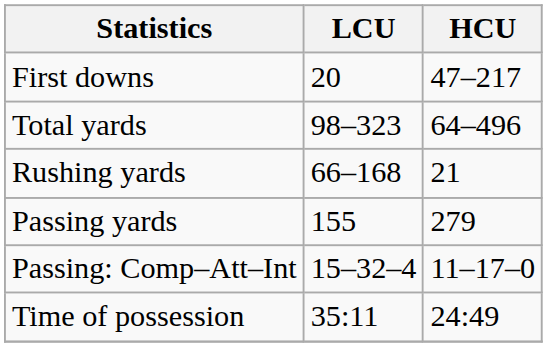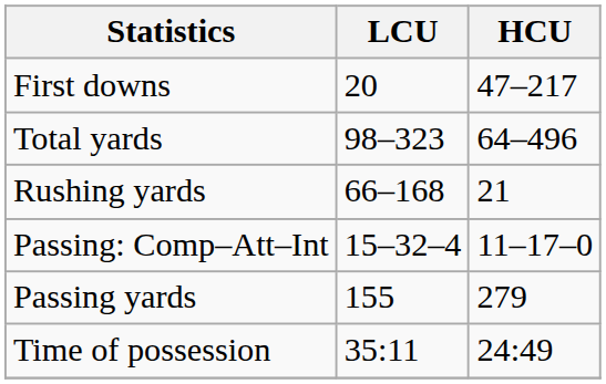 <table class="wikitable" style="float: left;">
 <tr>
 <th>Statistics</th>
 <th>LCU</th>
 <th>HCU</th>
 </tr>
 <tr>
 <td>First downs</td>
 <td>20</td>
 <td>47–217</td>
 </tr>
 <tr>
 <td>Total yards</td>
 <td>98–323</td>
 <td>64–496</td>
 </tr>
 <tr>
 <td>Rushing yards</td>
 <td>66–168</td>
 <td>21</td>
 </tr>
 <tr>
+<td>Passing: Comp–Att–Int</td>
+<td>15–32–4</td>
+<td>11–17–0</td>
+</tr>
+<tr>
 <td>Passing yards</td>
 <td>155</td>
 <td>279</td>
-</tr>
-<tr>
-<td>Passing: Comp–Att–Int</td>
-<td>15–32–4</td>
-<td>11–17–0</td>
 </tr>
 <tr>
 <td>Time of possession</td>
 <td>35:11</td>
 <td>24:49</td>
 </tr>
 <tr>
 </tr>
 </table>
